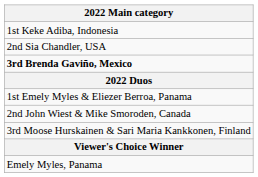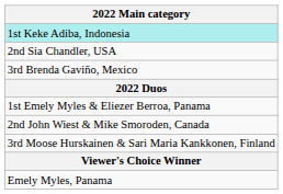 <table class="wikitable" style="float:left; margin-right:1em">
 <tr>
 <th>2022 Main category</th>
 </tr>
 <tr>
-<td>1st Keke Adiba, Indonesia</td>
+<td style="background: paleturquoise;">1st Keke Adiba, Indonesia</td>
 </tr>
 <tr>
 <td>2nd Sia Chandler, USA</td>
 </tr>
 <tr>
-<td><strong>3rd Brenda Gaviño, Mexico</strong></td>
+<td>3rd Brenda Gaviño, Mexico</td>
 </tr>
 <tr>
 <th>2022 Duos</th>
 </tr>
 <tr>
 <td>1st Emely Myles & Eliezer Berroa, Panama</td>
 </tr>
 <tr>
 <td>2nd John Wiest & Mike Smoroden, Canada</td>
 </tr>
 <tr>
 <td>3rd Moose Hurskainen & Sari Maria Kankkonen, Finland</td>
 </tr>
 <tr>
 <th>Viewer's Choice Winner</th>
 </tr>
 <tr>
 <td>Emely Myles, Panama</td>
 </tr>
 </table>
